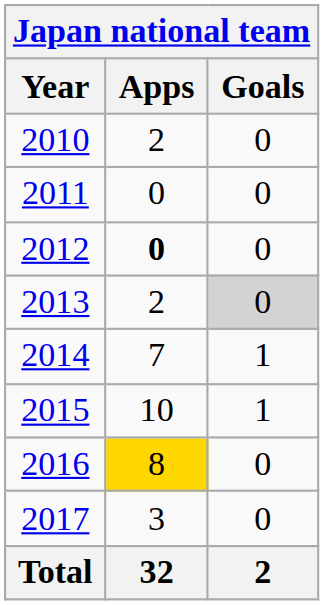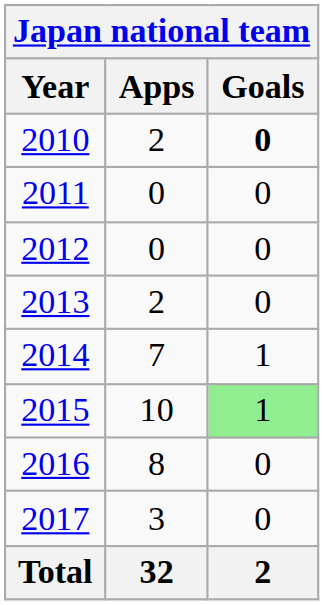 <table class="wikitable" style="text-align:center">
 <tr>
 <th colspan=3><a href='#'>Japan national team</a></th>
 </tr>
 <tr>
 <th>Year</th>
 <th>Apps</th>
 <th>Goals</th>
 </tr>
 <tr>
 <td><a href='#'>2010</a></td>
 <td>2</td>
-<td>0</td>
+<td><strong>0</strong></td>
 </tr>
 <tr>
 <td><a href='#'>2011</a></td>
 <td>0</td>
 <td>0</td>
 </tr>
 <tr>
 <td><a href='#'>2012</a></td>
-<td><strong>0</strong></td>
+<td>0</td>
 <td>0</td>
 </tr>
 <tr>
 <td><a href='#'>2013</a></td>
 <td>2</td>
-<td style="background: lightgrey;">0</td>
+<td>0</td>
 </tr>
 <tr>
 <td><a href='#'>2014</a></td>
 <td>7</td>
 <td>1</td>
 </tr>
 <tr>
 <td><a href='#'>2015</a></td>
 <td>10</td>
-<td>1</td>
+<td style="background: lightgreen;">1</td>
 </tr>
 <tr>
 <td><a href='#'>2016</a></td>
-<td style="background: gold;">8</td>
+<td>8</td>
 <td>0</td>
 </tr>
 <tr>
 <td><a href='#'>2017</a></td>
 <td>3</td>
 <td>0</td>
 </tr>
 <tr>
 <th>Total</th>
 <th>32</th>
 <th>2</th>
 </tr>
 </table>
